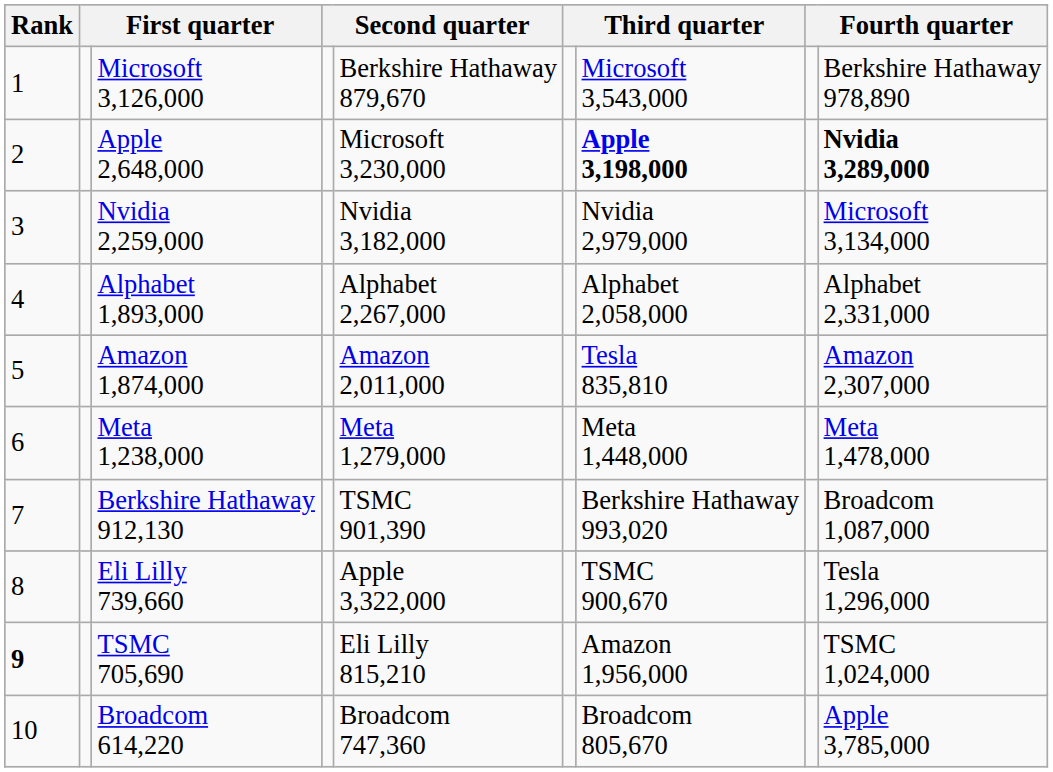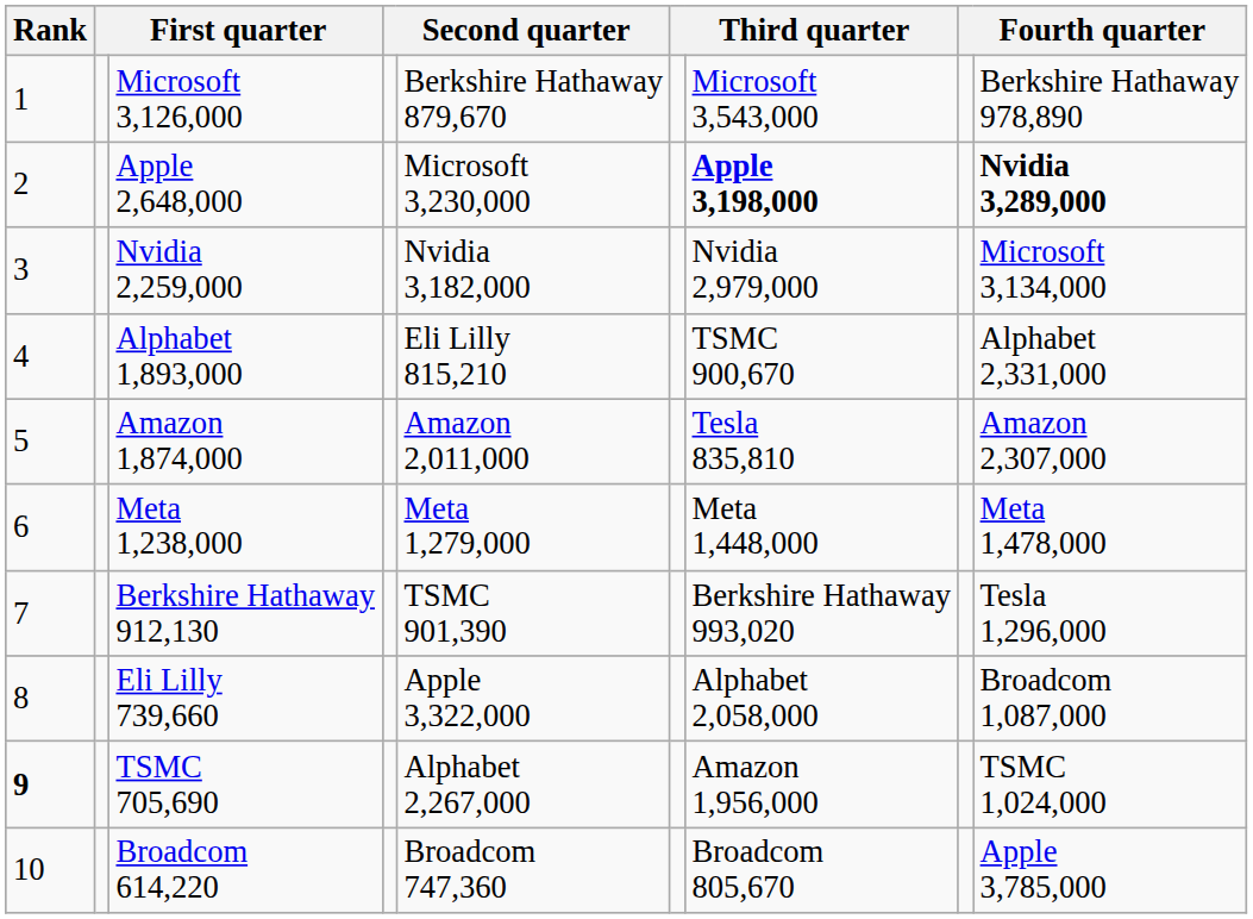 <table class="wikitable">
 <tr>
 <th>Rank</th>
 <th colspan="2">First quarter</th>
 <th colspan="2">Second quarter</th>
 <th colspan="2">Third quarter</th>
 <th colspan="2">Fourth quarter</th>
 </tr>
 <tr>
 <td>1</td>
 <td></td>
 <td><a href='#'>Microsoft</a><br>3,126,000</td>
 <td></td>
 <td>Berkshire Hathaway<br>879,670</td>
 <td></td>
 <td><a href='#'>Microsoft</a><br>3,543,000</td>
 <td></td>
 <td>Berkshire Hathaway<br>978,890</td>
 </tr>
 <tr>
 <td>2</td>
 <td></td>
 <td><a href='#'>Apple</a><br>2,648,000</td>
 <td></td>
 <td>Microsoft<br>3,230,000</td>
 <td></td>
 <td><strong><a href='#'>Apple</a><br>3,198,000</strong></td>
 <td></td>
 <td><strong>Nvidia<br>3,289,000</strong></td>
 </tr>
 <tr>
 <td>3</td>
 <td></td>
 <td><a href='#'>Nvidia</a><br>2,259,000</td>
 <td></td>
 <td>Nvidia<br>3,182,000</td>
 <td></td>
 <td>Nvidia<br>2,979,000</td>
 <td></td>
 <td><a href='#'>Microsoft</a><br>3,134,000</td>
 </tr>
 <tr>
 <td>4</td>
 <td></td>
 <td><a href='#'>Alphabet</a><br>1,893,000</td>
 <td></td>
-<td>Alphabet<br>2,267,000</td>
+<td>Eli Lilly<br> 815,210</td>
 <td></td>
-<td>Alphabet<br>2,058,000</td>
+<td>TSMC<br>900,670</td>
 <td></td>
 <td>Alphabet<br>2,331,000</td>
 </tr>
 <tr>
 <td>5</td>
 <td></td>
 <td><a href='#'>Amazon</a><br>1,874,000</td>
 <td></td>
 <td><a href='#'>Amazon</a><br>2,011,000</td>
 <td></td>
 <td><a href='#'>Tesla</a><br>835,810</td>
 <td></td>
 <td><a href='#'>Amazon</a><br>2,307,000</td>
 </tr>
 <tr>
 <td>6</td>
 <td></td>
 <td><a href='#'>Meta</a><br>1,238,000</td>
 <td></td>
 <td><a href='#'>Meta</a><br>1,279,000</td>
 <td></td>
 <td>Meta<br>1,448,000</td>
 <td></td>
 <td><a href='#'>Meta</a><br>1,478,000</td>
 </tr>
 <tr>
 <td>7</td>
 <td></td>
 <td><a href='#'>Berkshire Hathaway</a><br>912,130</td>
 <td></td>
 <td>TSMC<br>901,390</td>
 <td></td>
 <td>Berkshire Hathaway<br>993,020</td>
 <td></td>
-<td>Broadcom <br> 1,087,000</td>
+<td>Tesla<br>1,296,000</td>
 </tr>
 <tr>
 <td>8</td>
 <td></td>
 <td><a href='#'>Eli Lilly</a><br> 739,660</td>
 <td></td>
 <td>Apple<br>3,322,000</td>
 <td></td>
-<td>TSMC<br>900,670</td>
+<td>Alphabet<br>2,058,000</td>
 <td></td>
-<td>Tesla<br>1,296,000</td>
+<td>Broadcom <br> 1,087,000</td>
 </tr>
 <tr>
 <td><strong>9</strong></td>
 <td></td>
 <td><a href='#'>TSMC</a><br>705,690</td>
 <td></td>
-<td>Eli Lilly<br> 815,210</td>
+<td>Alphabet<br>2,267,000</td>
 <td></td>
 <td>Amazon<br>1,956,000</td>
 <td></td>
 <td>TSMC<br>1,024,000</td>
 </tr>
 <tr>
 <td>10</td>
 <td></td>
 <td><a href='#'>Broadcom</a> <br> 614,220</td>
 <td></td>
 <td>Broadcom <br> 747,360</td>
 <td></td>
 <td>Broadcom <br> 805,670</td>
 <td></td>
 <td><a href='#'>Apple</a><br>3,785,000</td>
 </tr>
 </table>
